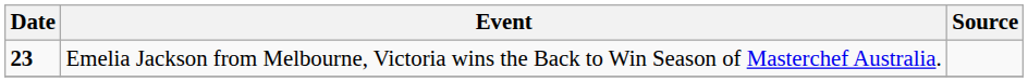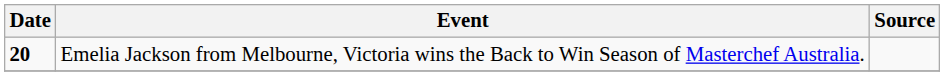 <table class="wikitable">
 <tr>
 <th>Date</th>
 <th>Event</th>
 <th>Source</th>
 </tr>
 <tr>
-<td><strong>23</strong></td>
+<td><strong>20</strong></td>
 <td>Emelia Jackson from Melbourne, Victoria wins the Back to Win Season of <a href='#'>Masterchef Australia</a>.</td>
 <td></td>
 </tr>
 <tr>
 </tr>
 </table>
